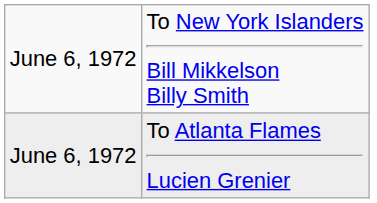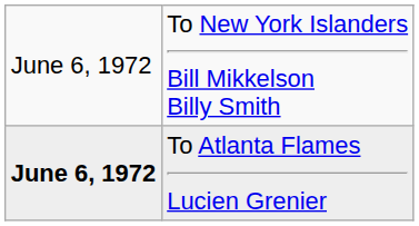 <table class="wikitable">
 <tr>
 <td>June 6, 1972</td>
 <td valign="top">To <a href='#'>New York Islanders</a><hr><a href='#'>Bill Mikkelson</a> <br> <a href='#'>Billy Smith</a></td>
 </tr>
 <tr style="background:#eee;">
-<td>June 6, 1972</td>
+<td><strong>June 6, 1972</strong></td>
 <td valign="top">To <a href='#'>Atlanta Flames</a><hr><a href='#'>Lucien Grenier</a></td>
 </tr>
 </table>
